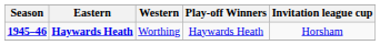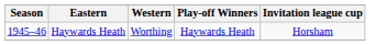 <table class="wikitable" style="text-align: center">
 <tr>
 </tr>
 <tr>
 <th>Season</th>
 <th>Eastern</th>
 <th>Western</th>
 <th>Play-off Winners</th>
 <th>Invitation league cup</th>
 </tr>
 <tr>
-<td><strong><a href='#'>1945–46</a></strong></td>
-<td><strong><a href='#'>Haywards Heath</a></strong></td>
+<td><a href='#'>1945–46</a></td>
+<td><a href='#'>Haywards Heath</a></td>
 <td><a href='#'>Worthing</a></td>
 <td><a href='#'>Haywards Heath</a></td>
 <td><a href='#'>Horsham</a></td>
 </tr>
 <tr>
 </tr>
 </table>
